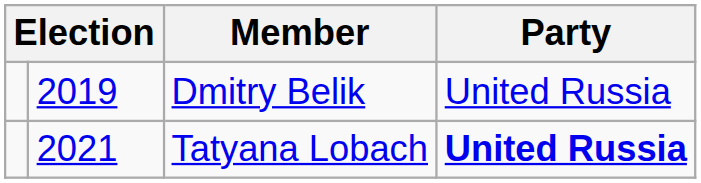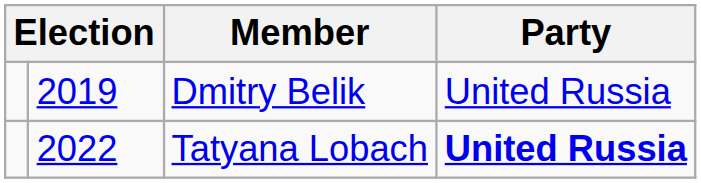 <table class="wikitable">
 <tr>
 <th colspan="2">Election</th>
 <th>Member</th>
 <th>Party</th>
 </tr>
 <tr>
 <td style="background-color:"></td>
 <td><a href='#'>2019</a></td>
 <td><a href='#'>Dmitry Belik</a></td>
 <td><a href='#'>United Russia</a></td>
 </tr>
 <tr>
 <td style="background-color:"></td>
-<td><a href='#'>2021</a></td>
+<td><a href='#'>2022</a></td>
 <td><a href='#'>Tatyana Lobach</a></td>
 <td><strong><a href='#'>United Russia</a></strong></td>
 </tr>
 </table>
